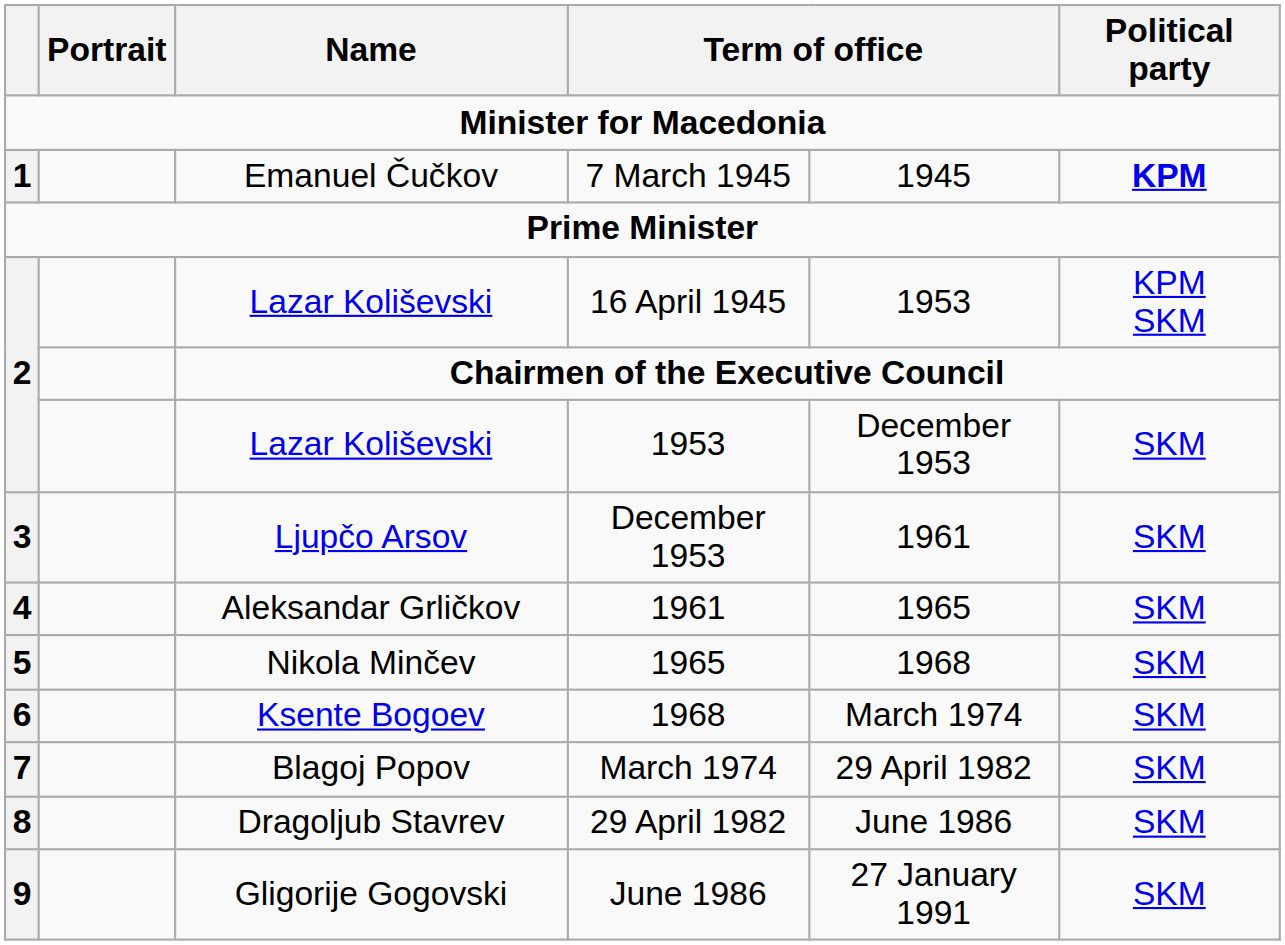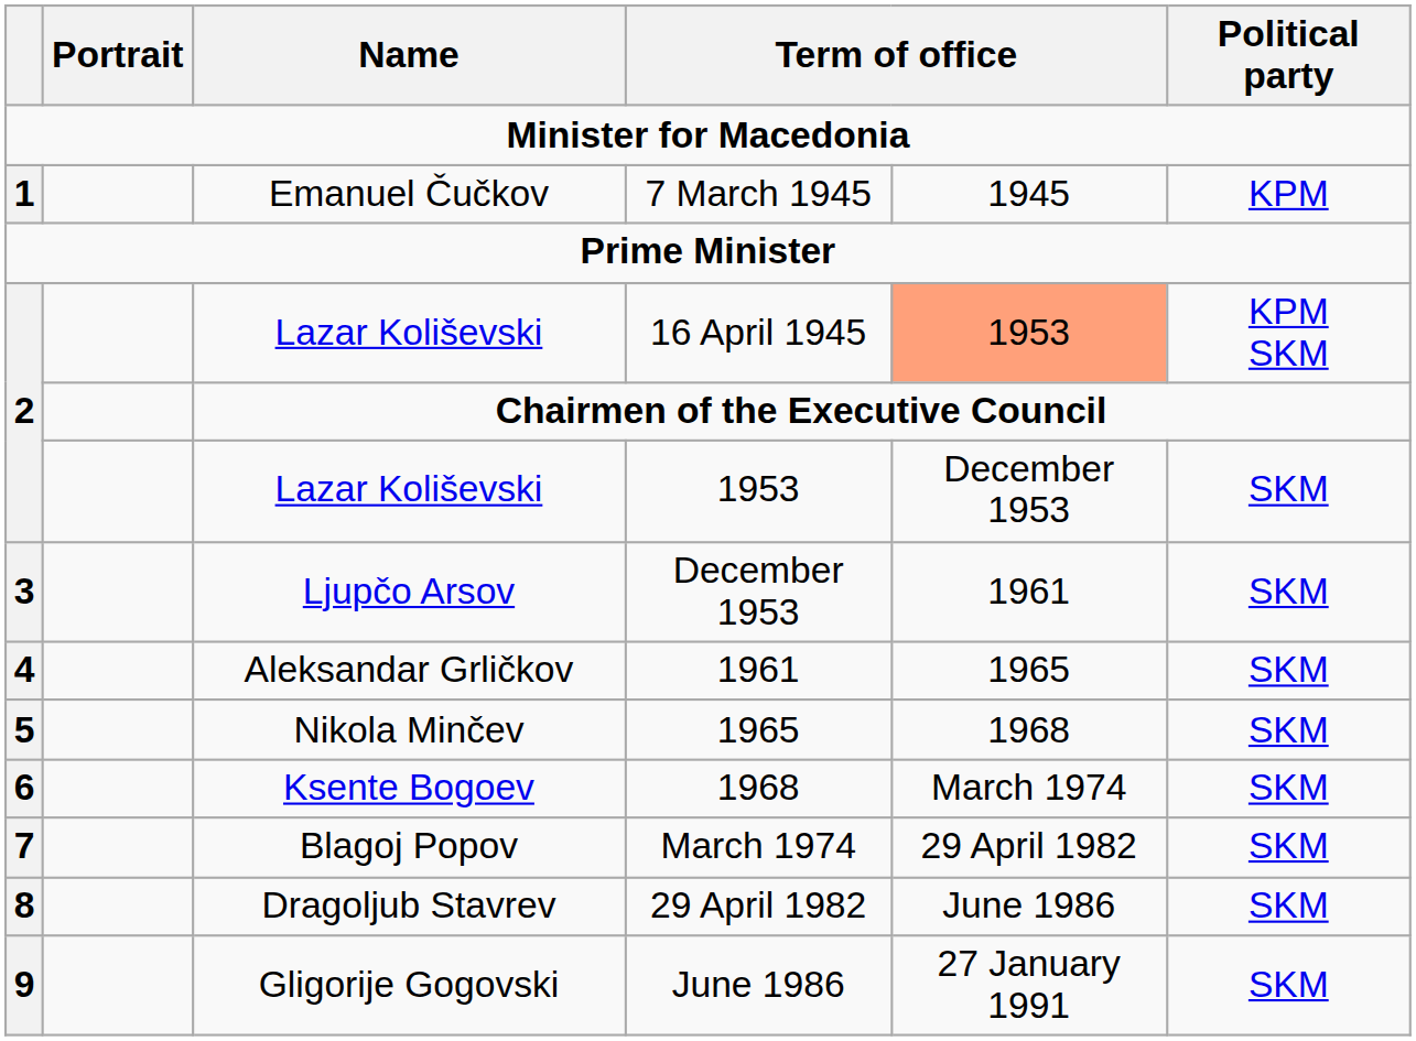 <table class="wikitable" style="text-align:center">
 <tr>
 <th></th>
 <th>Portrait</th>
 <th width="180">Name<br></th>
 <th colspan=2>Term of office</th>
 <th>Political party</th>
 </tr>
 <tr>
 <td colspan="6"><strong>Minister for Macedonia</strong><br></td>
 </tr>
 <tr>
 <th style="background:">1</th>
 <td></td>
 <td>Emanuel Čučkov<br></td>
 <td>7 March 1945</td>
 <td>1945</td>
-<td><strong><a href='#'>KPM</a></strong></td>
+<td><a href='#'>KPM</a></td>
 </tr>
 <tr>
 <td colspan="6"><strong>Prime Minister</strong><br></td>
 </tr>
 <tr>
 <th rowspan=3 style="background:">2</th>
 <td></td>
 <td><a href='#'>Lazar Koliševski</a><br></td>
 <td>16 April 1945</td>
-<td>1953</td>
+<td style="background: lightsalmon;">1953</td>
 <td><a href='#'>KPM<br> SKM</a></td>
 </tr>
 <tr>
 <td></td>
 <td colspan="4"><strong>Chairmen of the Executive Council</strong><br></td>
 </tr>
 <tr>
 <td></td>
 <td><a href='#'>Lazar Koliševski</a><br></td>
 <td>1953</td>
 <td>December 1953</td>
 <td><a href='#'>SKM</a></td>
 </tr>
 <tr>
 <th style="background:">3</th>
 <td></td>
 <td><a href='#'>Ljupčo Arsov</a><br></td>
 <td>December 1953</td>
 <td>1961</td>
 <td><a href='#'>SKM</a></td>
 </tr>
 <tr>
 <th style="background:">4</th>
 <td></td>
 <td>Aleksandar Grličkov<br></td>
 <td>1961</td>
 <td>1965</td>
 <td><a href='#'>SKM</a></td>
 </tr>
 <tr>
 <th style="background:">5</th>
 <td></td>
 <td>Nikola Minčev<br></td>
 <td>1965</td>
 <td>1968</td>
 <td><a href='#'>SKM</a></td>
 </tr>
 <tr>
 <th style="background:">6</th>
 <td></td>
 <td><a href='#'>Ksente Bogoev</a><br></td>
 <td>1968</td>
 <td>March 1974</td>
 <td><a href='#'>SKM</a></td>
 </tr>
 <tr>
 <th style="background:">7</th>
 <td></td>
 <td>Blagoj Popov<br></td>
 <td>March 1974</td>
 <td>29 April 1982</td>
 <td><a href='#'>SKM</a></td>
 </tr>
 <tr>
 <th style="background:">8</th>
 <td></td>
 <td>Dragoljub Stavrev<br></td>
 <td>29 April 1982</td>
 <td>June 1986</td>
 <td><a href='#'>SKM</a></td>
 </tr>
 <tr>
 <th style="background:">9</th>
 <td></td>
 <td>Gligorije Gogovski<br></td>
 <td>June 1986</td>
 <td>27 January 1991</td>
 <td><a href='#'>SKM</a></td>
 </tr>
 </table>
